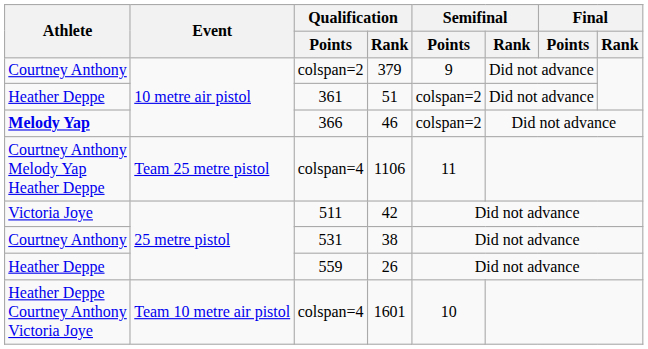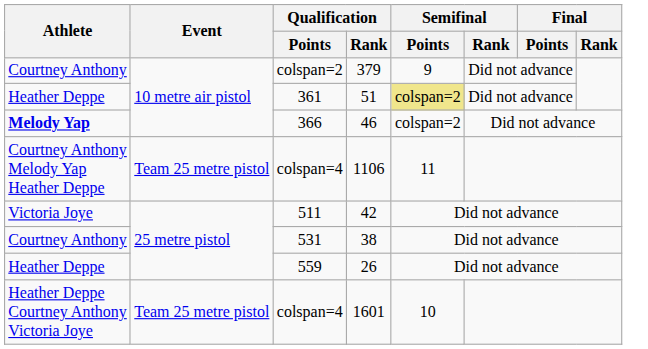 <table class="wikitable" style="font-size:90%;">
 <tr>
 <th rowspan=2>Athlete</th>
 <th rowspan=2>Event</th>
 <th colspan=2>Qualification</th>
 <th colspan=2>Semifinal</th>
 <th colspan=2>Final</th>
 </tr>
 <tr>
 <th>Points</th>
 <th>Rank</th>
 <th>Points</th>
 <th>Rank</th>
 <th>Points</th>
 <th>Rank</th>
 </tr>
 <tr align=center>
 <td align=left><a href='#'>Courtney Anthony</a></td>
 <td align=left rowspan=3><a href='#'>10 metre air pistol</a></td>
 <td>colspan=2 </td>
 <td>379</td>
 <td>9</td>
 <td colspan=2 align=center>Did not advance</td>
 </tr>
 <tr align=center>
 <td align=left><a href='#'>Heather Deppe</a></td>
 <td>361</td>
 <td>51</td>
-<td>colspan=2 </td>
+<td style="background: khaki;">colspan=2 </td>
 <td colspan=2 align=center>Did not advance</td>
 </tr>
 <tr align=center>
 <td align=left><strong><a href='#'>Melody Yap</a></strong></td>
 <td>366</td>
 <td>46</td>
 <td>colspan=2 </td>
 <td colspan=4 align=center>Did not advance</td>
 </tr>
 <tr align=center>
 <td align=left><a href='#'>Courtney Anthony</a> <br> <a href='#'>Melody Yap</a> <br> <a href='#'>Heather Deppe</a></td>
 <td align=left><a href='#'>Team 25 metre pistol</a></td>
 <td>colspan=4 </td>
 <td>1106</td>
 <td>11</td>
 </tr>
 <tr align=center>
 <td align=left><a href='#'>Victoria Joye</a></td>
 <td align=left rowspan=3><a href='#'>25 metre pistol</a></td>
 <td>511</td>
 <td>42</td>
 <td colspan=4 align=center>Did not advance</td>
 </tr>
 <tr align=center>
 <td align=left><a href='#'>Courtney Anthony</a></td>
 <td>531</td>
 <td>38</td>
 <td colspan=4 align=center>Did not advance</td>
 </tr>
 <tr align=center>
 <td align=left><a href='#'>Heather Deppe</a></td>
 <td>559</td>
 <td>26</td>
 <td colspan=4 align=center>Did not advance</td>
 </tr>
 <tr align=center>
 <td align=left><a href='#'>Heather Deppe</a> <br> <a href='#'>Courtney Anthony</a> <br> <a href='#'>Victoria Joye</a></td>
-<td align=left><a href='#'>Team 10 metre air pistol</a></td>
+<td align=left><a href='#'>Team 25 metre pistol</a></td>
 <td>colspan=4 </td>
 <td>1601</td>
 <td>10</td>
 </tr>
 </table>
